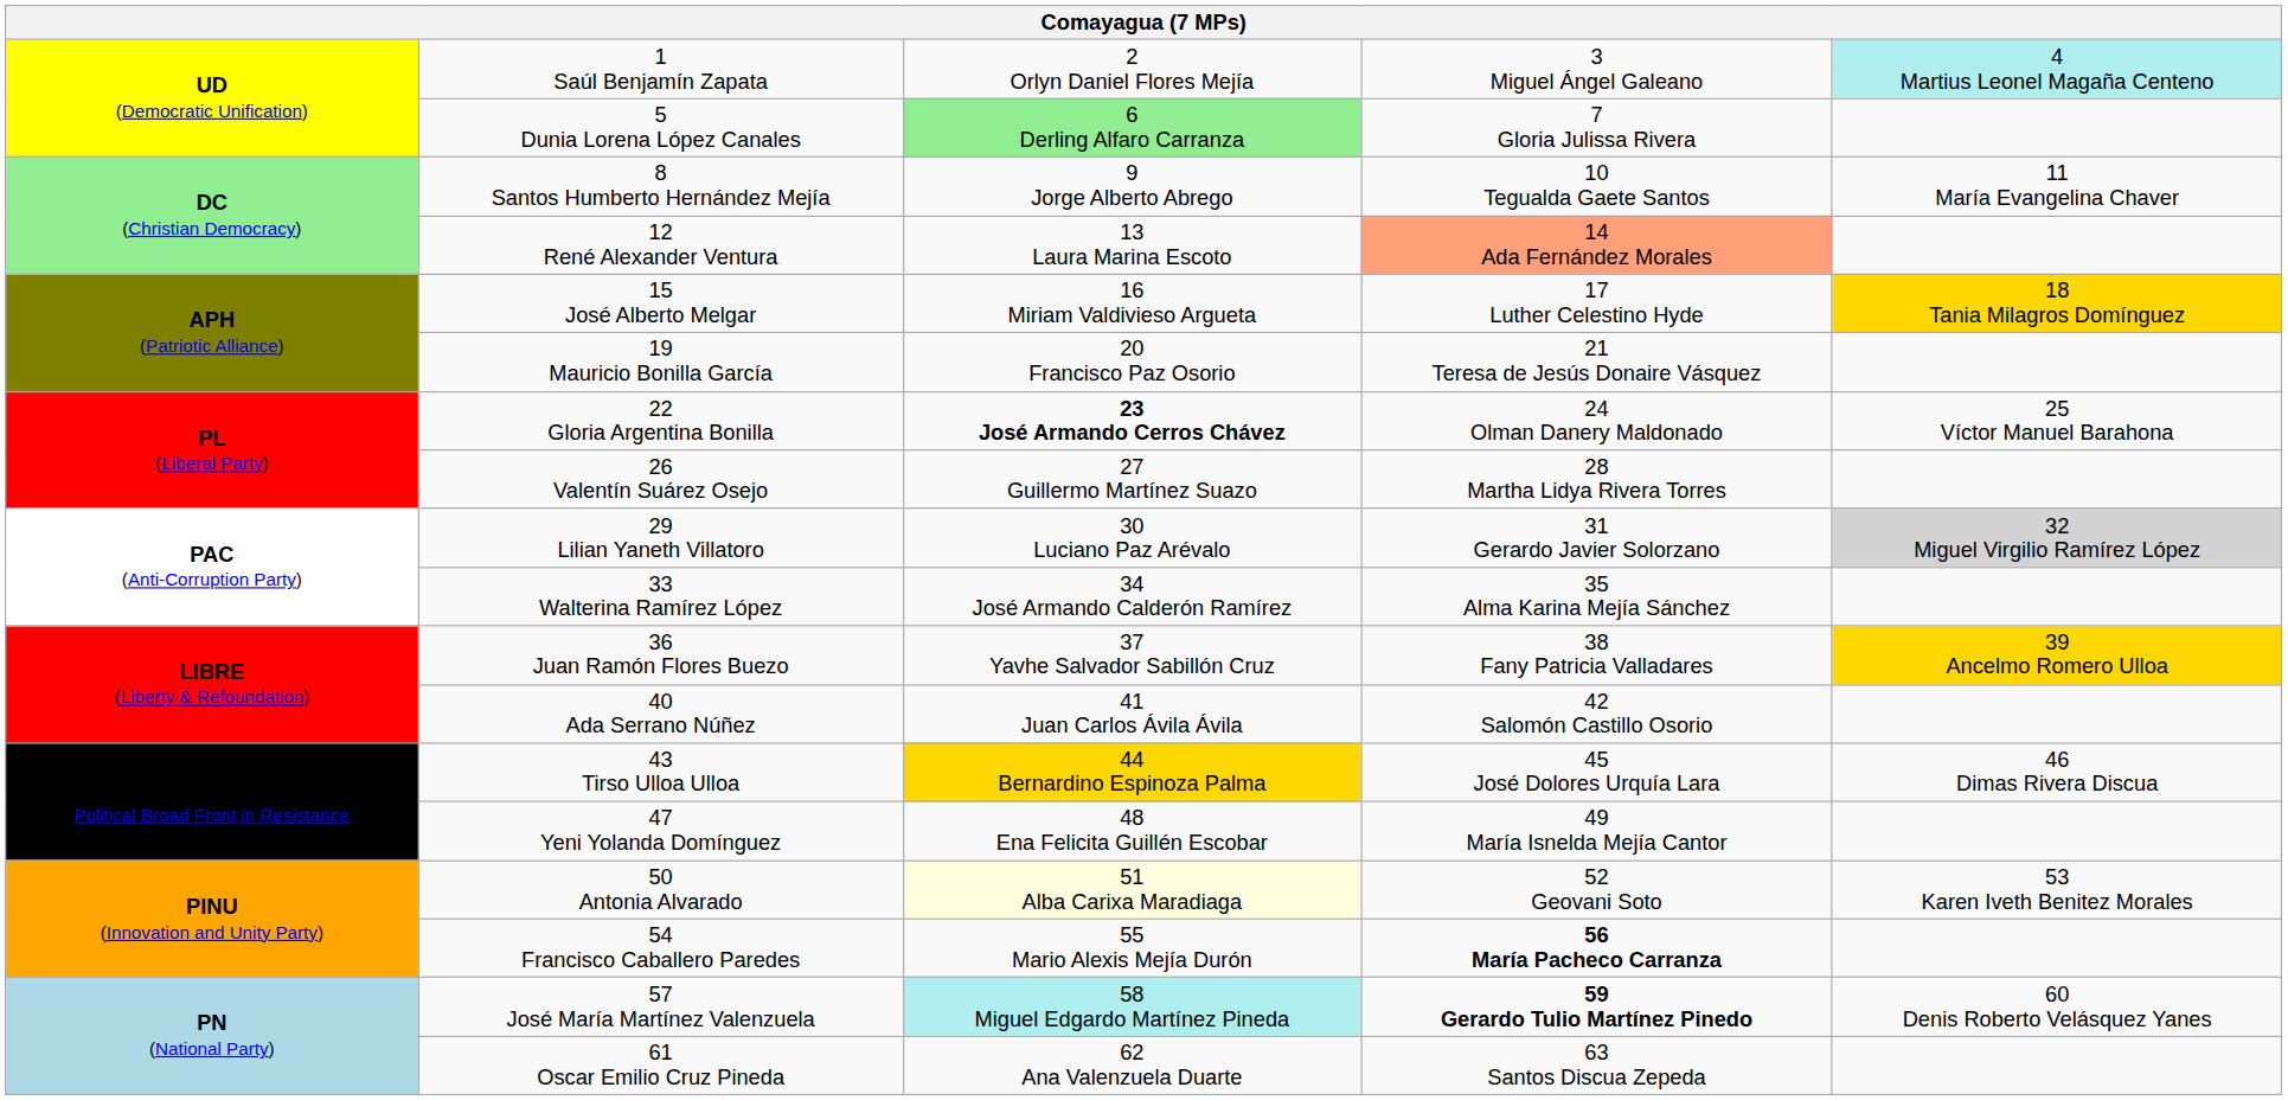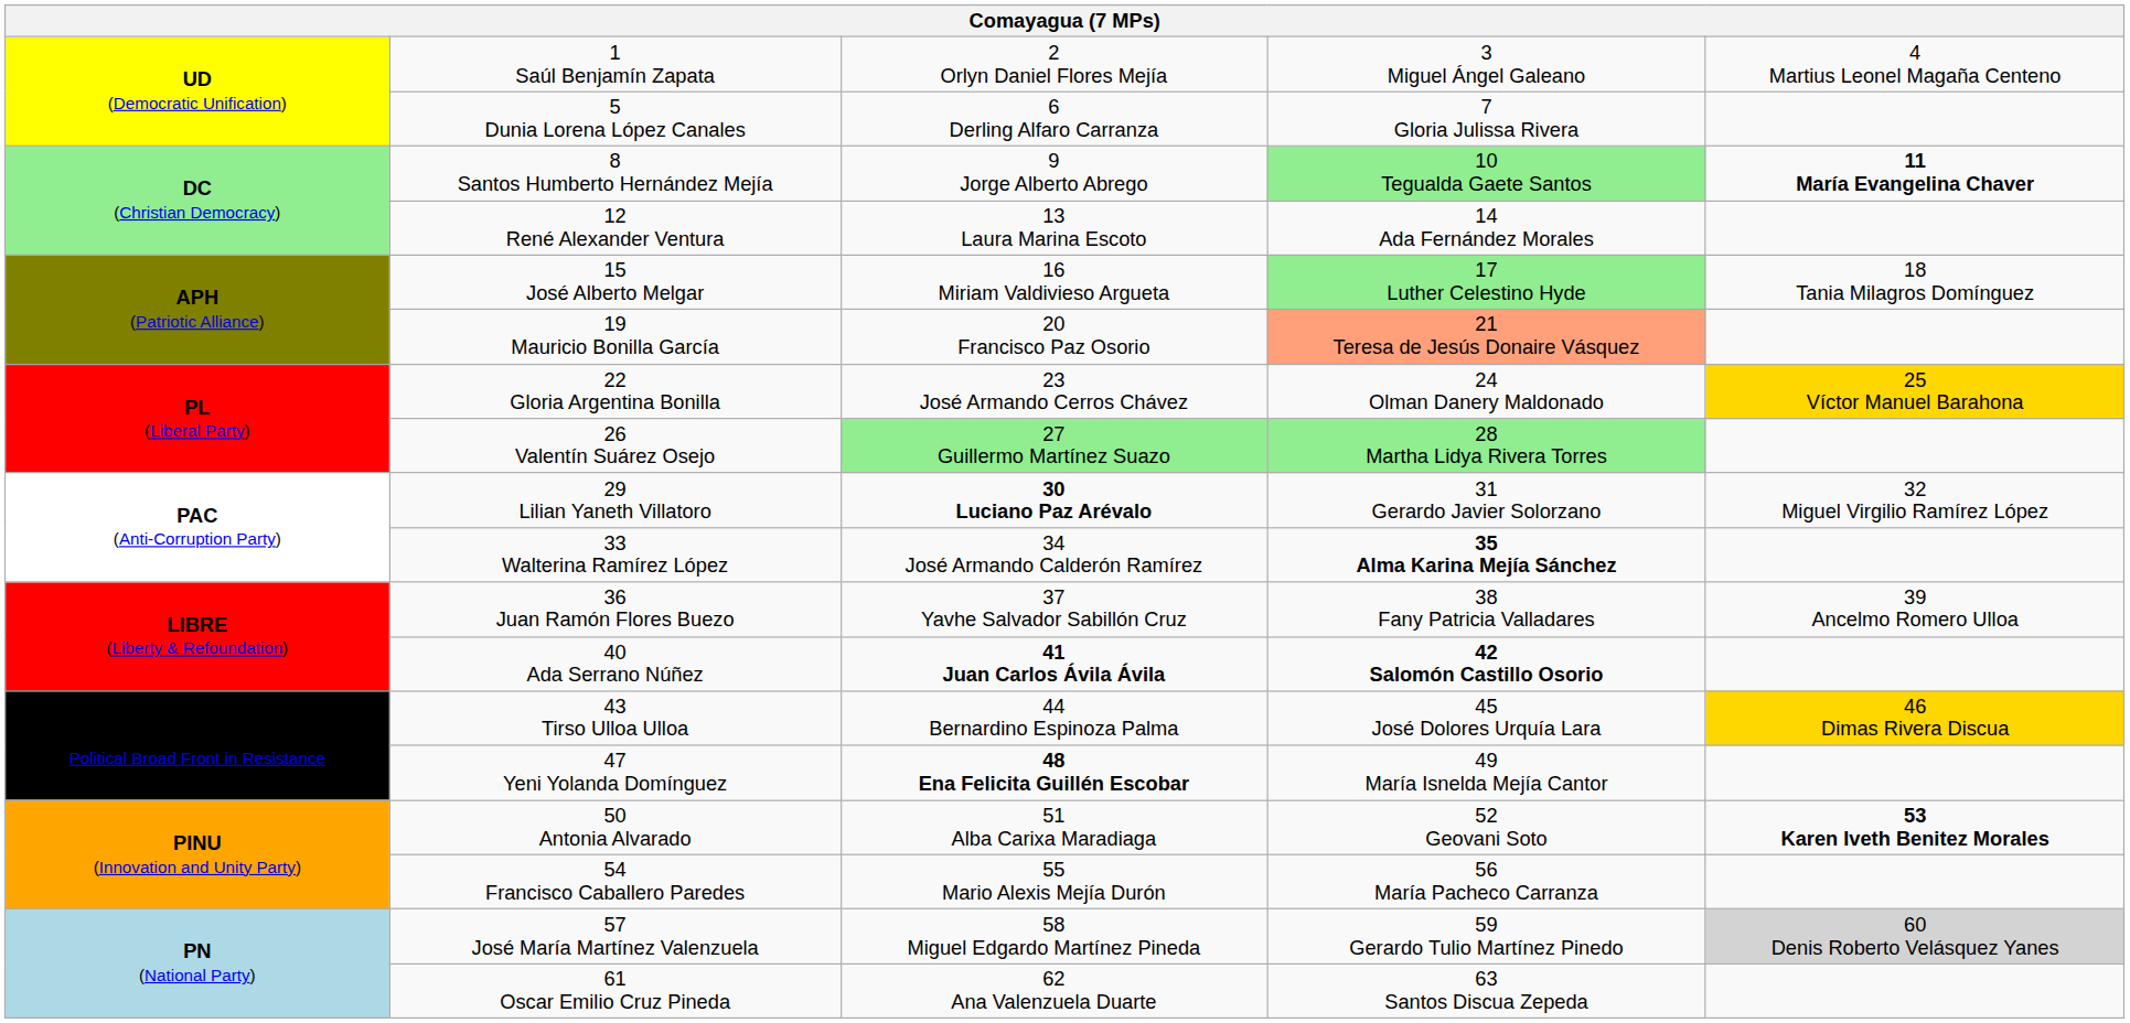 <table class="wikitable" align="center" style="width: 85%">
 <tr>
 <th colspan=24>Comayagua (7 MPs)</th>
 </tr>
 <tr align="center">
 <td bgcolor="yellow" rowspan=2><span><span><strong>UD</strong></span></span><br><small>(<a href='#'>Democratic Unification</a>)</small></td>
 <td>1<br>Saúl Benjamín Zapata</td>
 <td>2<br>Orlyn Daniel Flores Mejía</td>
 <td>3<br>Miguel Ángel Galeano</td>
-<td style="background: paleturquoise;">4<br>Martius Leonel Magaña Centeno</td>
+<td>4<br>Martius Leonel Magaña Centeno</td>
 </tr>
 <tr align="center">
 <td>5<br>Dunia Lorena López Canales</td>
-<td style="background: lightgreen;">6<br>Derling Alfaro Carranza</td>
+<td>6<br>Derling Alfaro Carranza</td>
 <td>7<br>Gloria Julissa Rivera</td>
 </tr>
 <tr align="center">
 <td bgcolor="lightgreen" rowspan=2><span><span><strong>DC</strong></span></span><br><small>(<a href='#'>Christian Democracy</a>)</small></td>
 <td>8<br>Santos Humberto Hernández Mejía</td>
 <td>9<br>Jorge Alberto Abrego</td>
-<td>10<br>Tegualda Gaete Santos</td>
-<td>11<br>María Evangelina Chaver</td>
+<td style="background: lightgreen;">10<br>Tegualda Gaete Santos</td>
+<td><strong>11<br>María Evangelina Chaver</strong></td>
 </tr>
 <tr align="center">
 <td>12<br>René Alexander Ventura</td>
 <td>13<br>Laura Marina Escoto</td>
-<td style="background: lightsalmon;">14<br>Ada Fernández Morales</td>
+<td>14<br>Ada Fernández Morales</td>
 </tr>
 <tr align="center">
 <td bgcolor="olive" rowspan=2><span><span><strong>APH</strong></span></span><br><small>(<a href='#'>Patriotic Alliance</a>)</small></td>
 <td>15<br>José Alberto Melgar</td>
 <td>16<br>Miriam Valdivieso Argueta</td>
-<td>17<br>Luther Celestino Hyde</td>
-<td style="background: gold;">18<br>Tania Milagros Domínguez</td>
+<td style="background: lightgreen;">17<br>Luther Celestino Hyde</td>
+<td>18<br>Tania Milagros Domínguez</td>
 </tr>
 <tr align="center">
 <td>19<br>Mauricio Bonilla García</td>
 <td>20<br>Francisco Paz Osorio</td>
-<td>21<br>Teresa de Jesús Donaire Vásquez</td>
+<td style="background: lightsalmon;">21<br>Teresa de Jesús Donaire Vásquez</td>
 </tr>
 <tr align="center">
 <td bgcolor="red" rowspan=2><span><span><strong>PL</strong></span></span><br><small>(<a href='#'>Liberal Party</a>)</small></td>
 <td>22<br>Gloria Argentina Bonilla</td>
-<td><strong>23<br>José Armando Cerros Chávez</strong></td>
+<td>23<br>José Armando Cerros Chávez</td>
 <td>24<br>Olman Danery Maldonado</td>
-<td>25<br>Víctor Manuel Barahona</td>
+<td style="background: gold;">25<br>Víctor Manuel Barahona</td>
 </tr>
 <tr align="center">
 <td>26<br>Valentín Suárez Osejo</td>
-<td>27<br>Guillermo Martínez Suazo</td>
-<td>28<br>Martha Lidya Rivera Torres</td>
+<td style="background: lightgreen;">27<br>Guillermo Martínez Suazo</td>
+<td style="background: lightgreen;">28<br>Martha Lidya Rivera Torres</td>
 </tr>
 <tr align="center">
 <td bgcolor="white" rowspan=2><span><span><strong>PAC</strong></span></span><br><small>(<a href='#'>Anti-Corruption Party</a>)</small></td>
 <td>29<br>Lilian Yaneth Villatoro</td>
-<td>30<br>Luciano Paz Arévalo</td>
+<td><strong>30<br>Luciano Paz Arévalo</strong></td>
 <td>31<br>Gerardo Javier Solorzano</td>
-<td style="background: lightgrey;">32<br>Miguel Virgilio Ramírez López</td>
+<td>32<br>Miguel Virgilio Ramírez López</td>
 </tr>
 <tr align="center">
 <td>33<br>Walterina Ramírez López</td>
 <td>34<br>José Armando Calderón Ramírez</td>
-<td>35<br>Alma Karina Mejía Sánchez</td>
+<td><strong>35<br>Alma Karina Mejía Sánchez</strong></td>
 </tr>
 <tr align="center">
 <td bgcolor="red" rowspan=2><span><span><strong>LIBRE</strong></span></span><br><small>(<a href='#'>Liberty & Refoundation</a>)</small></td>
 <td>36<br>Juan Ramón Flores Buezo</td>
 <td>37<br>Yavhe Salvador Sabillón Cruz</td>
 <td>38<br>Fany Patricia Valladares</td>
-<td style="background: gold;">39<br>Ancelmo Romero Ulloa</td>
+<td>39<br>Ancelmo Romero Ulloa</td>
 </tr>
 <tr align="center">
 <td>40<br>Ada Serrano Núñez</td>
-<td>41<br>Juan Carlos Ávila Ávila</td>
-<td>42<br>Salomón Castillo Osorio</td>
+<td><strong>41<br>Juan Carlos Ávila Ávila</strong></td>
+<td><strong>42<br>Salomón Castillo Osorio</strong></td>
 </tr>
 <tr align="center">
 <td bgcolor="black" rowspan=2><span><span><strong>FAPER</strong></span></span><br><small>(<a href='#'>Political Broad Front in Resistance</a>)</small></td>
 <td>43<br>Tirso Ulloa Ulloa</td>
-<td style="background: gold;">44<br>Bernardino Espinoza Palma</td>
+<td>44<br>Bernardino Espinoza Palma</td>
 <td>45<br>José Dolores Urquía Lara</td>
-<td>46<br>Dimas Rivera Discua</td>
+<td style="background: gold;">46<br>Dimas Rivera Discua</td>
 </tr>
 <tr align="center">
 <td>47<br>Yeni Yolanda Domínguez</td>
-<td>48<br>Ena Felicita Guillén Escobar</td>
+<td><strong>48<br>Ena Felicita Guillén Escobar</strong></td>
 <td>49<br>María Isnelda Mejía Cantor</td>
 </tr>
 <tr align="center">
 <td bgcolor="orange" rowspan=2><span><span><strong>PINU</strong></span></span><br><small>(<a href='#'>Innovation and Unity Party</a>)</small></td>
 <td>50<br>Antonia Alvarado</td>
-<td style="background: lightyellow;">51<br>Alba Carixa Maradiaga</td>
+<td>51<br>Alba Carixa Maradiaga</td>
 <td>52<br>Geovani Soto</td>
-<td>53<br>Karen Iveth Benitez Morales</td>
+<td><strong>53<br>Karen Iveth Benitez Morales</strong></td>
 </tr>
 <tr align="center">
 <td>54<br>Francisco Caballero Paredes</td>
 <td>55<br>Mario Alexis Mejía Durón</td>
-<td><strong>56<br>María Pacheco Carranza</strong></td>
+<td>56<br>María Pacheco Carranza</td>
 </tr>
 <tr align="center">
 <td bgcolor="lightblue" rowspan=2><span><span><strong>PN</strong></span></span><br><small>(<a href='#'>National Party</a>)</small></td>
 <td>57<br>José María Martínez Valenzuela</td>
-<td style="background: paleturquoise;">58<br>Miguel Edgardo Martínez Pineda</td>
-<td><strong>59<br>Gerardo Tulio Martínez Pinedo</strong></td>
-<td>60<br>Denis Roberto Velásquez Yanes</td>
+<td>58<br>Miguel Edgardo Martínez Pineda</td>
+<td>59<br>Gerardo Tulio Martínez Pinedo</td>
+<td style="background: lightgrey;">60<br>Denis Roberto Velásquez Yanes</td>
 </tr>
 <tr align="center">
 <td>61<br>Oscar Emilio Cruz Pineda</td>
 <td>62<br>Ana Valenzuela Duarte</td>
 <td>63<br>Santos Discua Zepeda</td>
 </tr>
 </table>
